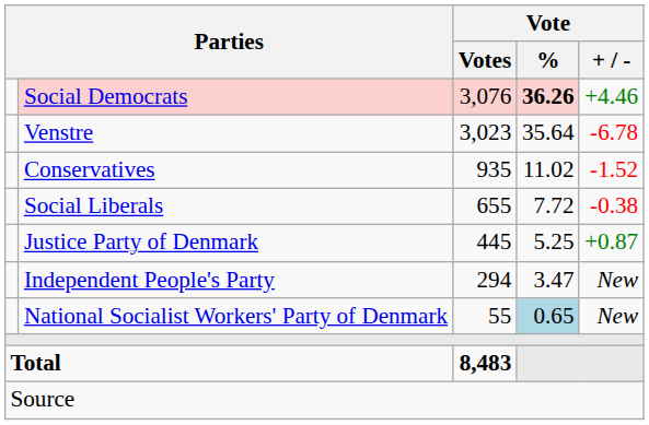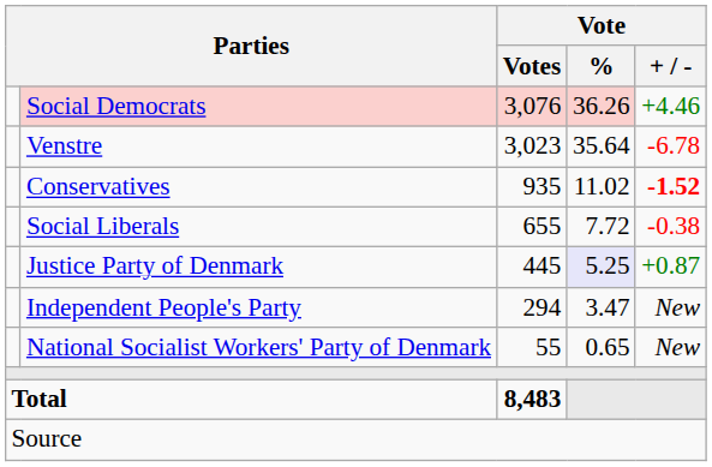 <table class="wikitable" style="text-align:right;">
 <tr>
 <th style="text-align:centre;" rowspan="2" colspan="2" width="225">Parties</th>
 <th colspan="3">Vote</th>
 </tr>
 <tr>
 <th width="15">Votes</th>
 <th width="15">%</th>
 <th width="15">+ / -</th>
 </tr>
 <tr>
 <td width="2" style="color:inherit;background:"></td>
 <td bgcolor=#fbd0ce  align="left"><a href='#'>Social Democrats</a></td>
 <td bgcolor=#fbd0ce>3,076</td>
-<td bgcolor=#fbd0ce><strong>36.26</strong></td>
+<td bgcolor=#fbd0ce>36.26</td>
 <td style=color:green;>+4.46</td>
 </tr>
 <tr>
 <td width="2" style="color:inherit;background:"></td>
 <td align="left"><a href='#'>Venstre</a></td>
 <td>3,023</td>
 <td>35.64</td>
 <td style=color:red;>-6.78</td>
 </tr>
 <tr>
 <td width="2" style="color:inherit;background:"></td>
 <td align="left"><a href='#'>Conservatives</a></td>
 <td>935</td>
 <td>11.02</td>
-<td style=color:red;>-1.52</td>
+<td style=color:red;><strong>-1.52</strong></td>
 </tr>
 <tr>
 <td width="2" style="color:inherit;background:"></td>
 <td align="left"><a href='#'>Social Liberals</a></td>
 <td>655</td>
 <td>7.72</td>
 <td style=color:red;>-0.38</td>
 </tr>
 <tr>
 <td width="2" style="color:inherit;background:"></td>
 <td align="left"><a href='#'>Justice Party of Denmark</a></td>
 <td>445</td>
-<td>5.25</td>
+<td style="background: lavender;">5.25</td>
 <td style=color:green;>+0.87</td>
 </tr>
 <tr>
 <td width="2" style="color:inherit;background:"></td>
 <td align="left"><a href='#'>Independent People's Party</a></td>
 <td>294</td>
 <td>3.47</td>
 <td><em>New</em></td>
 </tr>
 <tr>
 <td width="2" style="color:inherit;background:"></td>
 <td align="left"><a href='#'>National Socialist Workers' Party of Denmark</a></td>
 <td>55</td>
-<td style="background: lightblue;">0.65</td>
+<td>0.65</td>
 <td><em>New</em></td>
 </tr>
 <tr>
 <td colspan="7" bgcolor="#E9E9E9"></td>
 </tr>
 <tr>
 <td align="left" colspan="2"><strong>Total</strong></td>
 <td><strong>8,483</strong></td>
 <td bgcolor="#E9E9E9" colspan="2"></td>
 </tr>
 <tr>
 <td align="left" colspan="6">Source</td>
 </tr>
 </table>
